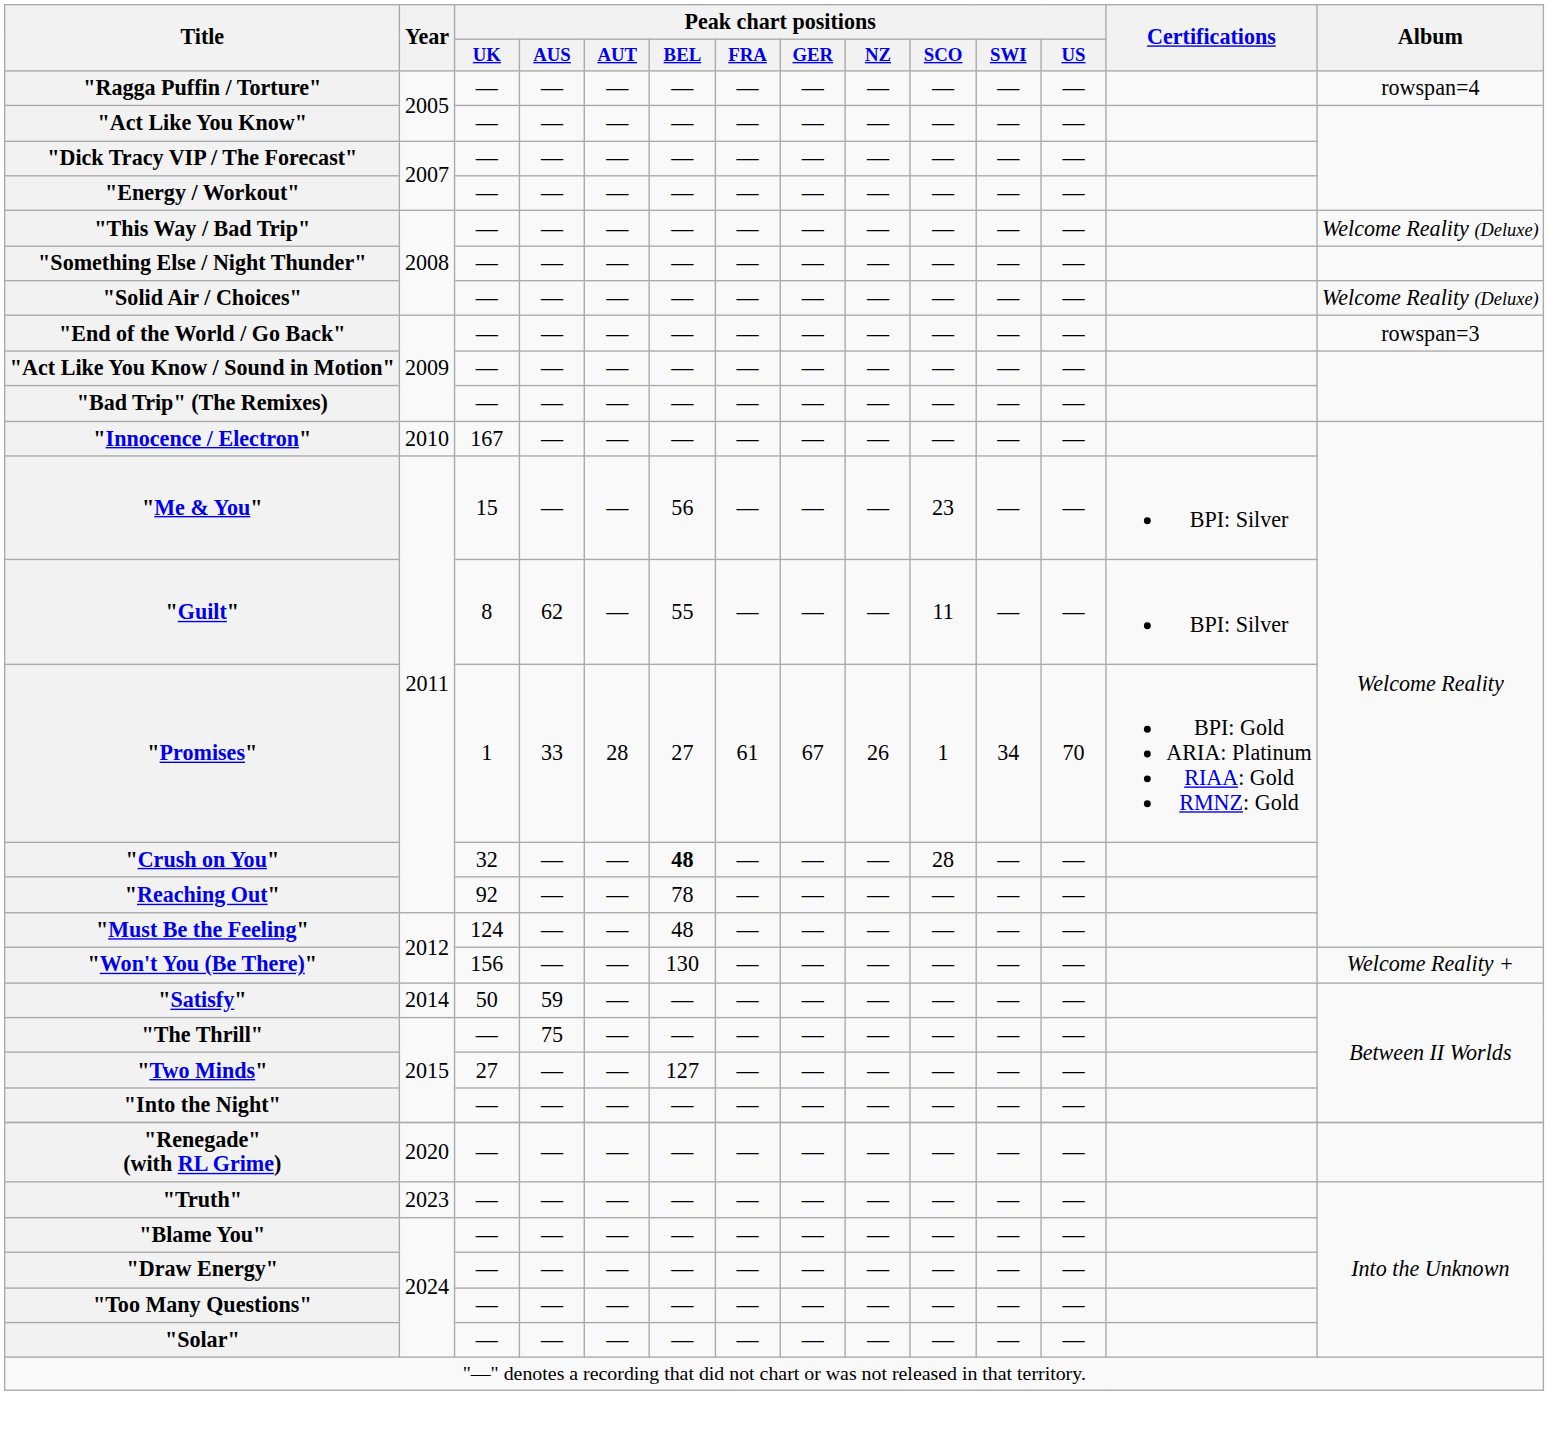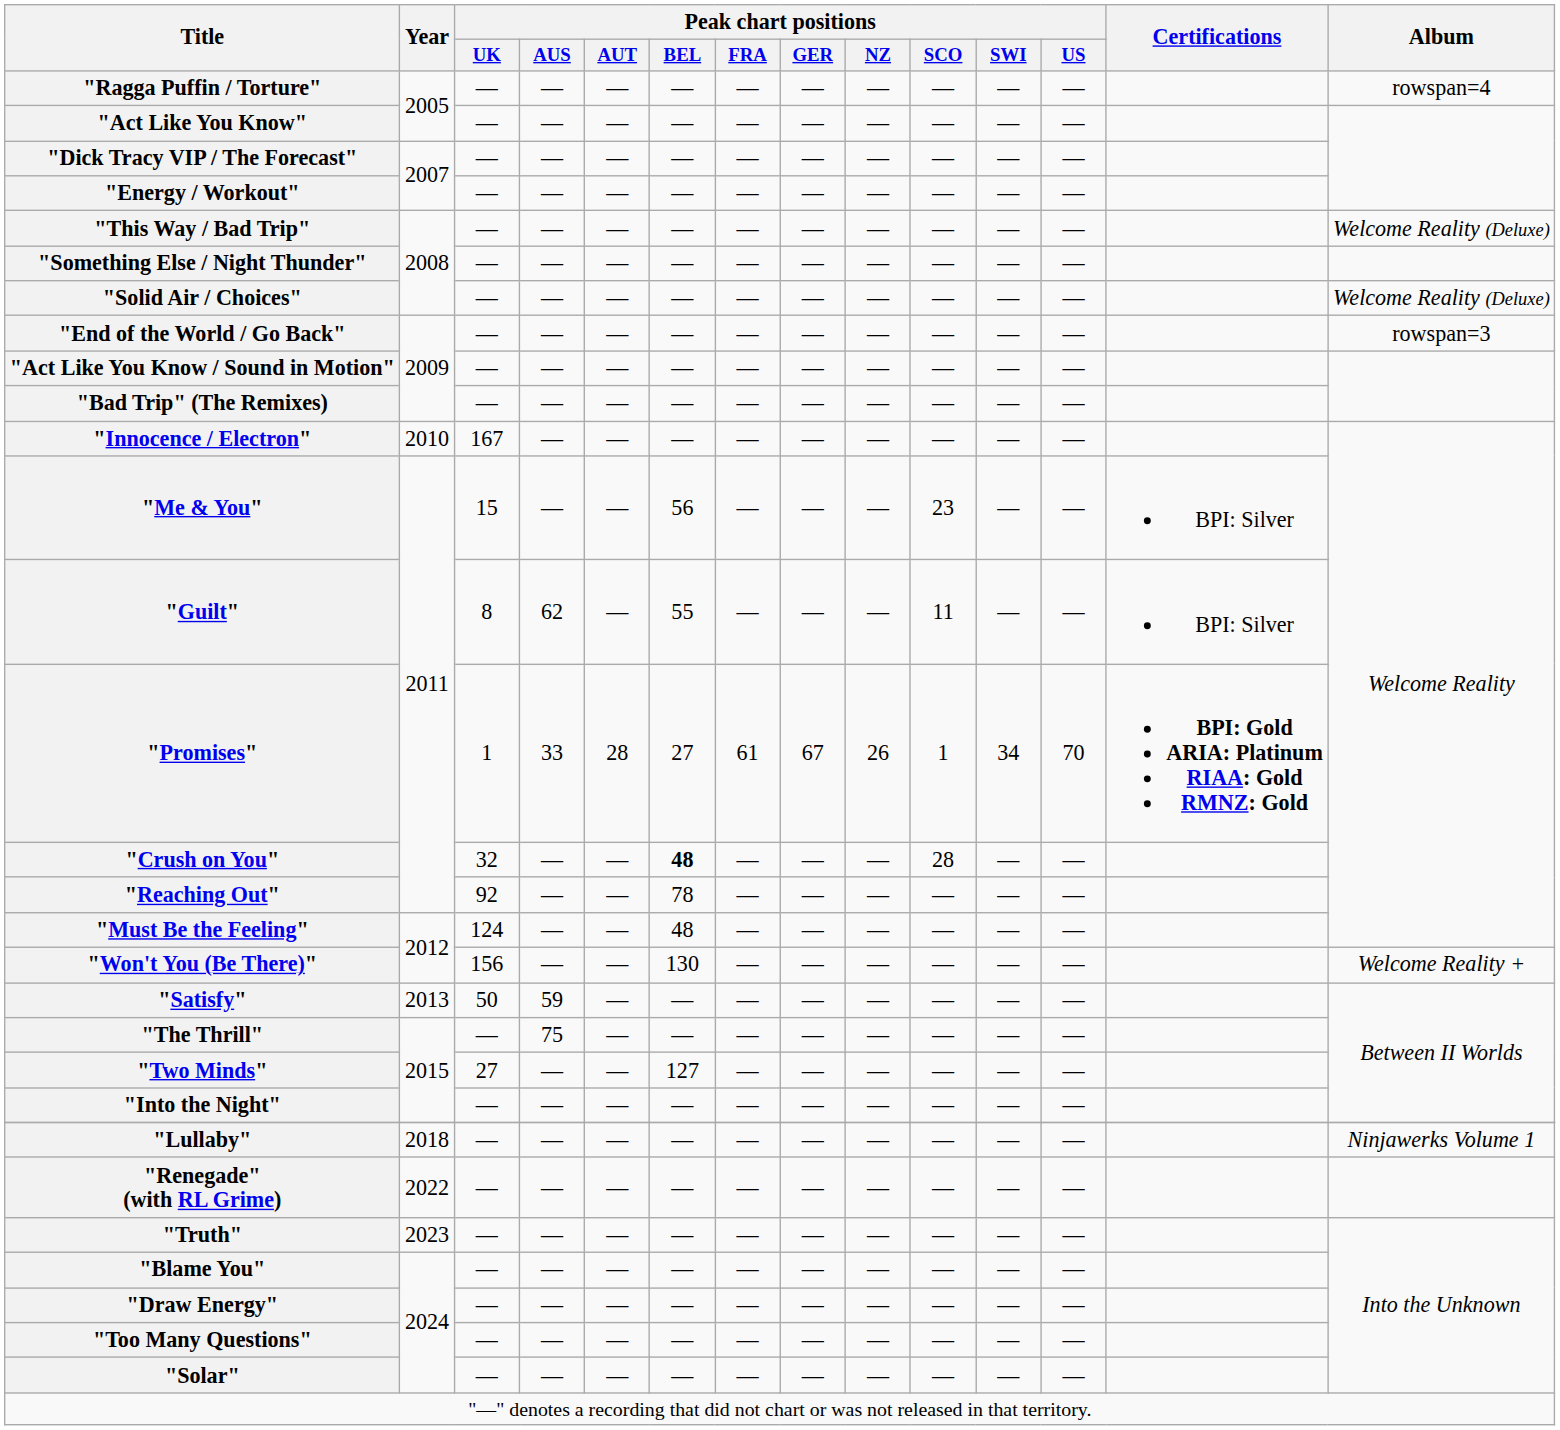 <table class="wikitable plainrowheaders" style="text-align:center;" border="1">
 <tr>
 <th scope="col" rowspan="2">Title</th>
 <th scope="col" rowspan="2">Year</th>
 <th scope="col" colspan="10">Peak chart positions</th>
 <th scope="col" rowspan="2"><a href='#'>Certifications</a></th>
 <th scope="col" rowspan="2">Album</th>
 </tr>
 <tr>
 <th scope="col" style="width:3em;font-size:85%;"><a href='#'>UK</a><br></th>
 <th scope="col" style="width:3em;font-size:85%;"><a href='#'>AUS</a><br></th>
 <th scope="col" style="width:3em;font-size:85%;"><a href='#'>AUT</a><br></th>
 <th scope="col" style="width:3em;font-size:85%;"><a href='#'>BEL</a><br></th>
 <th scope="col" style="width:3em;font-size:85%;"><a href='#'>FRA</a><br></th>
 <th scope="col" style="width:3em;font-size:85%;"><a href='#'>GER</a><br></th>
 <th scope="col" style="width:3em;font-size:85%;"><a href='#'>NZ</a><br></th>
 <th scope="col" style="width:3em;font-size:85%;"><a href='#'>SCO</a><br></th>
 <th scope="col" style="width:3em;font-size:85%;"><a href='#'>SWI</a><br></th>
 <th scope="col" style="width:3em;font-size:85%;"><a href='#'>US</a><br></th>
 </tr>
 <tr>
 <th scope="row">"Ragga Puffin / Torture"</th>
 <td rowspan="2">2005</td>
 <td>—</td>
 <td>—</td>
 <td>—</td>
 <td>—</td>
 <td>—</td>
 <td>—</td>
 <td>—</td>
 <td>—</td>
 <td>—</td>
 <td>—</td>
 <td></td>
 <td>rowspan=4 </td>
 </tr>
 <tr>
 <th scope="row">"Act Like You Know"</th>
 <td>—</td>
 <td>—</td>
 <td>—</td>
 <td>—</td>
 <td>—</td>
 <td>—</td>
 <td>—</td>
 <td>—</td>
 <td>—</td>
 <td>—</td>
 <td></td>
 </tr>
 <tr>
 <th scope="row">"Dick Tracy VIP / The Forecast"</th>
 <td rowspan="2">2007</td>
 <td>—</td>
 <td>—</td>
 <td>—</td>
 <td>—</td>
 <td>—</td>
 <td>—</td>
 <td>—</td>
 <td>—</td>
 <td>—</td>
 <td>—</td>
 <td></td>
 </tr>
 <tr>
 <th scope="row">"Energy / Workout"</th>
 <td>—</td>
 <td>—</td>
 <td>—</td>
 <td>—</td>
 <td>—</td>
 <td>—</td>
 <td>—</td>
 <td>—</td>
 <td>—</td>
 <td>—</td>
 <td></td>
 </tr>
 <tr>
 <th scope="row">"This Way / Bad Trip"</th>
 <td rowspan="3">2008</td>
 <td>—</td>
 <td>—</td>
 <td>—</td>
 <td>—</td>
 <td>—</td>
 <td>—</td>
 <td>—</td>
 <td>—</td>
 <td>—</td>
 <td>—</td>
 <td></td>
 <td><em>Welcome Reality <small>(Deluxe)</small></em></td>
 </tr>
 <tr>
 <th scope="row">"Something Else / Night Thunder"</th>
 <td>—</td>
 <td>—</td>
 <td>—</td>
 <td>—</td>
 <td>—</td>
 <td>—</td>
 <td>—</td>
 <td>—</td>
 <td>—</td>
 <td>—</td>
 <td></td>
 <td></td>
 </tr>
 <tr>
 <th scope="row">"Solid Air / Choices"</th>
 <td>—</td>
 <td>—</td>
 <td>—</td>
 <td>—</td>
 <td>—</td>
 <td>—</td>
 <td>—</td>
 <td>—</td>
 <td>—</td>
 <td>—</td>
 <td></td>
 <td><em>Welcome Reality <small>(Deluxe)</small></em></td>
 </tr>
 <tr>
 <th scope="row">"End of the World / Go Back"</th>
 <td rowspan="3">2009</td>
 <td>—</td>
 <td>—</td>
 <td>—</td>
 <td>—</td>
 <td>—</td>
 <td>—</td>
 <td>—</td>
 <td>—</td>
 <td>—</td>
 <td>—</td>
 <td></td>
 <td>rowspan=3 </td>
 </tr>
 <tr>
 <th scope="row">"Act Like You Know / Sound in Motion"</th>
 <td>—</td>
 <td>—</td>
 <td>—</td>
 <td>—</td>
 <td>—</td>
 <td>—</td>
 <td>—</td>
 <td>—</td>
 <td>—</td>
 <td>—</td>
 <td></td>
 </tr>
 <tr>
 <th scope="row">"Bad Trip" (The Remixes)</th>
 <td>—</td>
 <td>—</td>
 <td>—</td>
 <td>—</td>
 <td>—</td>
 <td>—</td>
 <td>—</td>
 <td>—</td>
 <td>—</td>
 <td>—</td>
 <td></td>
 </tr>
 <tr>
 <th scope="row">"<a href='#'>Innocence / Electron</a>"</th>
 <td>2010</td>
 <td>167</td>
 <td>—</td>
 <td>—</td>
 <td>—</td>
 <td>—</td>
 <td>—</td>
 <td>—</td>
 <td>—</td>
 <td>—</td>
 <td>—</td>
 <td></td>
 <td rowspan="7"><em>Welcome Reality</em></td>
 </tr>
 <tr>
 <th scope="row">"<a href='#'>Me & You</a>"</th>
 <td rowspan="5">2011</td>
 <td>15</td>
 <td>—</td>
 <td>—</td>
 <td>56</td>
 <td>—</td>
 <td>—</td>
 <td>—</td>
 <td>23</td>
 <td>—</td>
 <td>—</td>
 <td><br><ul><li>BPI: Silver</li></ul></td>
 </tr>
 <tr>
 <th scope="row">"<a href='#'>Guilt</a>"</th>
 <td>8</td>
 <td>62</td>
 <td>—</td>
 <td>55</td>
 <td>—</td>
 <td>—</td>
 <td>—</td>
 <td>11</td>
 <td>—</td>
 <td>—</td>
 <td><br><ul><li>BPI: Silver</li></ul></td>
 </tr>
 <tr>
 <th scope="row">"<a href='#'>Promises</a>"</th>
 <td>1</td>
 <td>33</td>
 <td>28</td>
 <td>27</td>
 <td>61</td>
 <td>67</td>
 <td>26</td>
 <td>1</td>
 <td>34</td>
 <td>70</td>
-<td><br><ul><li>BPI: Gold</li><li>ARIA: Platinum</li><li><a href='#'>RIAA</a>: Gold</li><li><a href='#'>RMNZ</a>: Gold</li></ul></td>
+<td><strong><br><ul><li>BPI: Gold</li><li>ARIA: Platinum</li><li><a href='#'>RIAA</a>: Gold</li><li><a href='#'>RMNZ</a>: Gold</li></ul></strong></td>
 </tr>
 <tr>
 <th scope="row">"<a href='#'>Crush on You</a>"</th>
 <td>32</td>
 <td>—</td>
 <td>—</td>
 <td><strong>48</strong></td>
 <td>—</td>
 <td>—</td>
 <td>—</td>
 <td>28</td>
 <td>—</td>
 <td>—</td>
 <td></td>
 </tr>
 <tr>
 <th scope="row">"<a href='#'>Reaching Out</a>"</th>
 <td>92</td>
 <td>—</td>
 <td>—</td>
 <td>78</td>
 <td>—</td>
 <td>—</td>
 <td>—</td>
 <td>—</td>
 <td>—</td>
 <td>—</td>
 <td></td>
 </tr>
 <tr>
 <th scope="row">"<a href='#'>Must Be the Feeling</a>"</th>
 <td rowspan="2">2012</td>
 <td>124</td>
 <td>—</td>
 <td>—</td>
 <td>48</td>
 <td>—</td>
 <td>—</td>
 <td>—</td>
 <td>—</td>
 <td>—</td>
 <td>—</td>
 <td></td>
 </tr>
 <tr>
 <th scope="row">"<a href='#'>Won't You (Be There)</a>"</th>
 <td>156</td>
 <td>—</td>
 <td>—</td>
 <td>130</td>
 <td>—</td>
 <td>—</td>
 <td>—</td>
 <td>—</td>
 <td>—</td>
 <td>—</td>
 <td></td>
 <td><em>Welcome Reality +</em></td>
 </tr>
 <tr>
 <th scope="row">"<a href='#'>Satisfy</a>"</th>
-<td>2014</td>
+<td>2013</td>
 <td>50</td>
 <td>59</td>
 <td>—</td>
 <td>—</td>
 <td>—</td>
 <td>—</td>
 <td>—</td>
 <td>—</td>
 <td>—</td>
 <td>—</td>
 <td></td>
 <td rowspan="4"><em>Between II Worlds</em></td>
 </tr>
 <tr>
 <th scope="row">"The Thrill"</th>
 <td rowspan="3">2015</td>
 <td>—</td>
 <td>75</td>
 <td>—</td>
 <td>—</td>
 <td>—</td>
 <td>—</td>
 <td>—</td>
 <td>—</td>
 <td>—</td>
 <td>—</td>
 <td></td>
 </tr>
 <tr>
 <th scope="row">"<a href='#'>Two Minds</a>"</th>
 <td>27</td>
 <td>—</td>
 <td>—</td>
 <td>127</td>
 <td>—</td>
 <td>—</td>
 <td>—</td>
 <td>—</td>
 <td>—</td>
 <td>—</td>
 <td></td>
 </tr>
 <tr>
 <th scope="row">"Into the Night"</th>
 <td>—</td>
 <td>—</td>
 <td>—</td>
 <td>—</td>
 <td>—</td>
 <td>—</td>
 <td>—</td>
 <td>—</td>
 <td>—</td>
 <td>—</td>
 <td></td>
 </tr>
 <tr>
 </tr>
 <tr>
+<th scope="row">"Lullaby"</th>
+<td>2018</td>
+<td>—</td>
+<td>—</td>
+<td>—</td>
+<td>—</td>
+<td>—</td>
+<td>—</td>
+<td>—</td>
+<td>—</td>
+<td>—</td>
+<td>—</td>
+<td></td>
+<td><em>Ninjawerks Volume 1</em></td>
+</tr>
+<tr>
 <th scope="row">"Renegade"<br><span>(with <a href='#'>RL Grime</a>)</span></th>
-<td>2020</td>
+<td>2022</td>
 <td>—</td>
 <td>—</td>
 <td>—</td>
 <td>—</td>
 <td>—</td>
 <td>—</td>
 <td>—</td>
 <td>—</td>
 <td>—</td>
 <td>—</td>
 <td></td>
 <td></td>
 </tr>
 <tr>
 <th scope="row">"Truth"</th>
 <td>2023</td>
 <td>—</td>
 <td>—</td>
 <td>—</td>
 <td>—</td>
 <td>—</td>
 <td>—</td>
 <td>—</td>
 <td>—</td>
 <td>—</td>
 <td>—</td>
 <td></td>
 <td rowspan="5"><em>Into the Unknown</em></td>
 </tr>
 <tr>
 <th scope="row">"Blame You"</th>
 <td rowspan="4">2024</td>
 <td>—</td>
 <td>—</td>
 <td>—</td>
 <td>—</td>
 <td>—</td>
 <td>—</td>
 <td>—</td>
 <td>—</td>
 <td>—</td>
 <td>—</td>
 <td></td>
 </tr>
 <tr>
 <th scope="row">"Draw Energy"</th>
 <td>—</td>
 <td>—</td>
 <td>—</td>
 <td>—</td>
 <td>—</td>
 <td>—</td>
 <td>—</td>
 <td>—</td>
 <td>—</td>
 <td>—</td>
 <td></td>
 </tr>
 <tr>
 <th scope="row">"Too Many Questions"</th>
 <td>—</td>
 <td>—</td>
 <td>—</td>
 <td>—</td>
 <td>—</td>
 <td>—</td>
 <td>—</td>
 <td>—</td>
 <td>—</td>
 <td>—</td>
 <td></td>
 </tr>
 <tr>
 <th scope="row">"Solar"</th>
 <td>—</td>
 <td>—</td>
 <td>—</td>
 <td>—</td>
 <td>—</td>
 <td>—</td>
 <td>—</td>
 <td>—</td>
 <td>—</td>
 <td>—</td>
 <td></td>
 </tr>
 <tr>
 <td colspan="14" style="font-size:90%">"—" denotes a recording that did not chart or was not released in that territory.</td>
 </tr>
 </table>
